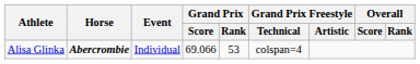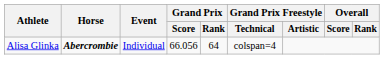 <table class=wikitable style="font-size:90%; text-align:center">
 <tr>
 <th rowspan="2">Athlete</th>
 <th rowspan="2">Horse</th>
 <th rowspan="2">Event</th>
 <th colspan="2">Grand Prix</th>
 <th colspan="2">Grand Prix Freestyle</th>
 <th colspan="2">Overall</th>
 </tr>
 <tr style="font-size:95%">
 <th>Score</th>
 <th>Rank</th>
 <th>Technical</th>
 <th>Artistic</th>
 <th>Score</th>
 <th>Rank</th>
 </tr>
 <tr>
 <td align=left><a href='#'>Alisa Glinka</a></td>
 <td align=left><strong><em>Abercrombie</em></strong></td>
 <td align=left><a href='#'>Individual</a></td>
-<td>69.066</td>
-<td>53</td>
+<td>66.056</td>
+<td>64</td>
 <td>colspan=4 </td>
 </tr>
 </table>
